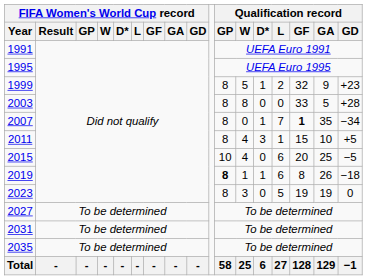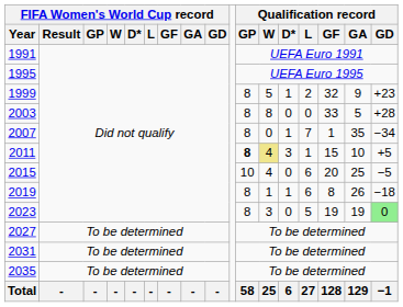 <table class="wikitable" style="text-align: center;">
 <tr>
 <th colspan=9><a href='#'>FIFA Women's World Cup</a> record</th>
 <td rowspan=100></td>
 <th colspan=7>Qualification record</th>
 </tr>
 <tr>
 <th>Year</th>
 <th>Result</th>
 <th>GP</th>
 <th>W</th>
 <th>D*</th>
 <th>L</th>
 <th>GF</th>
 <th>GA</th>
 <th>GD</th>
 <th>GP</th>
 <th>W</th>
 <th>D*</th>
 <th>L</th>
 <th>GF</th>
 <th>GA</th>
 <th>GD</th>
 </tr>
 <tr>
 <td> <a href='#'>1991</a></td>
 <td colspan="8" rowspan="9"><em>Did not qualify</em></td>
 <td colspan=7><em><a href='#'>UEFA Euro 1991</a></em></td>
 </tr>
 <tr>
 <td> <a href='#'>1995</a></td>
 <td colspan=7><em><a href='#'>UEFA Euro 1995</a></em></td>
 </tr>
 <tr>
 <td> <a href='#'>1999</a></td>
 <td>8</td>
 <td>5</td>
 <td>1</td>
 <td>2</td>
 <td>32</td>
 <td>9</td>
 <td>+23</td>
 </tr>
 <tr>
 <td> <a href='#'>2003</a></td>
 <td>8</td>
 <td>8</td>
 <td>0</td>
 <td>0</td>
 <td>33</td>
 <td>5</td>
 <td>+28</td>
 </tr>
 <tr>
 <td> <a href='#'>2007</a></td>
 <td>8</td>
 <td>0</td>
 <td>1</td>
 <td>7</td>
-<td><strong>1</strong></td>
+<td>1</td>
 <td>35</td>
 <td>−34</td>
 </tr>
 <tr>
 <td> <a href='#'>2011</a></td>
-<td>8</td>
-<td>4</td>
+<td><strong>8</strong></td>
+<td style="background: khaki;">4</td>
 <td>3</td>
 <td>1</td>
 <td>15</td>
 <td>10</td>
 <td>+5</td>
 </tr>
 <tr>
 <td> <a href='#'>2015</a></td>
 <td>10</td>
 <td>4</td>
 <td>0</td>
 <td>6</td>
 <td>20</td>
 <td>25</td>
 <td>−5</td>
 </tr>
 <tr>
 <td> <a href='#'>2019</a></td>
-<td><strong>8</strong></td>
+<td>8</td>
 <td>1</td>
 <td>1</td>
 <td>6</td>
 <td>8</td>
 <td>26</td>
 <td>−18</td>
 </tr>
 <tr>
 <td> <a href='#'>2023</a></td>
 <td>8</td>
 <td>3</td>
 <td>0</td>
 <td>5</td>
 <td>19</td>
 <td>19</td>
-<td>0</td>
+<td style="background: lightgreen;">0</td>
 </tr>
 <tr>
 <td> <a href='#'>2027</a></td>
 <td colspan="8"><em>To be determined</em></td>
 <td colspan="7"><em>To be determined</em></td>
 </tr>
 <tr>
 <td> <a href='#'>2031</a></td>
 <td colspan="8"><em>To be determined</em></td>
 <td colspan="7"><em>To be determined</em></td>
 </tr>
 <tr>
 <td> <a href='#'>2035</a></td>
 <td colspan="8"><em>To be determined</em></td>
 <td colspan="7"><em>To be determined</em></td>
 </tr>
 <tr>
 <th>Total</th>
 <th>-</th>
 <th>-</th>
 <th>-</th>
 <th>-</th>
 <th>-</th>
 <th>-</th>
 <th>-</th>
 <th>-</th>
 <th>58</th>
 <th>25</th>
 <th>6</th>
 <th>27</th>
 <th>128</th>
 <th>129</th>
 <th>−1</th>
 </tr>
 </table>
